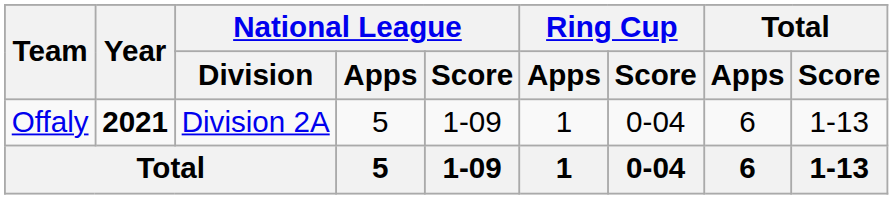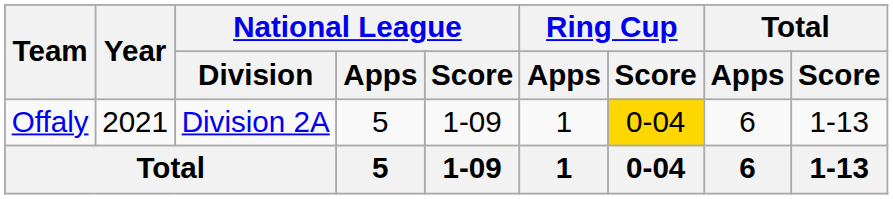 <table class="wikitable" style="text-align:center">
 <tr>
 <th rowspan="2">Team</th>
 <th rowspan="2">Year</th>
 <th colspan="3"><a href='#'>National League</a></th>
 <th colspan="2"><a href='#'>Ring Cup</a></th>
 <th colspan="2">Total</th>
 </tr>
 <tr>
 <th>Division</th>
 <th>Apps</th>
 <th>Score</th>
 <th>Apps</th>
 <th>Score</th>
 <th>Apps</th>
 <th>Score</th>
 </tr>
 <tr>
 <td rowspan="1"><a href='#'>Offaly</a></td>
-<td><strong>2021</strong></td>
+<td>2021</td>
 <td rowspan="1"><a href='#'>Division 2A</a></td>
 <td>5</td>
 <td>1-09</td>
 <td>1</td>
-<td>0-04</td>
+<td style="background: gold;">0-04</td>
 <td>6</td>
 <td>1-13</td>
 </tr>
 <tr>
 <th colspan="3">Total</th>
 <th>5</th>
 <th>1-09</th>
 <th>1</th>
 <th>0-04</th>
 <th>6</th>
 <th>1-13</th>
 </tr>
 </table>
